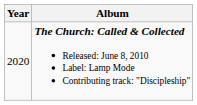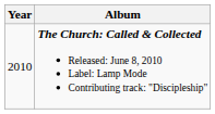 <table class="wikitable">
 <tr>
 <th>Year</th>
 <th>Album</th>
 </tr>
 <tr>
-<td>2020</td>
+<td>2010</td>
 <td><strong><em>The Church: Called & Collected</em></strong><br><ul><li><small>Released: June 8, 2010</small></li><li><small>Label: Lamp Mode </small></li><li><small>Contributing track: "Discipleship"</small></li></ul></td>
 </tr>
 </table>
